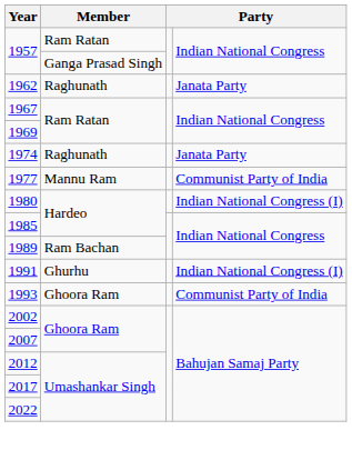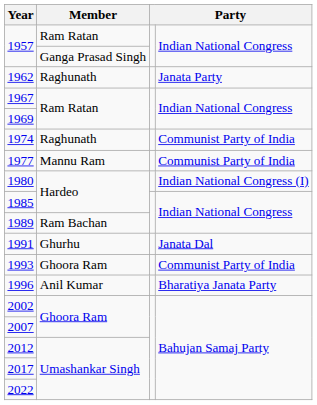 <table class="wikitable">
 <tr>
 <th>Year</th>
 <th>Member</th>
 <th colspan="2">Party</th>
 </tr>
 <tr>
 <td rowspan="2"><a href='#'>1957</a></td>
 <td>Ram Ratan</td>
 <td rowspan="2" style="background-color: "></td>
 <td rowspan="2"><a href='#'>Indian National Congress</a></td>
 </tr>
 <tr>
 <td>Ganga Prasad Singh</td>
 </tr>
 <tr>
 <td><a href='#'>1962</a></td>
 <td>Raghunath</td>
 <td style="background-color: "></td>
 <td><a href='#'>Janata Party</a></td>
 </tr>
 <tr>
 <td><a href='#'>1967</a></td>
 <td rowspan="2">Ram Ratan</td>
 <td rowspan="2" style="background-color: "></td>
 <td rowspan="2"><a href='#'>Indian National Congress</a></td>
 </tr>
 <tr>
 <td><a href='#'>1969</a></td>
 </tr>
 <tr>
 <td><a href='#'>1974</a></td>
 <td>Raghunath</td>
 <td style="background-color: "></td>
-<td><a href='#'>Janata Party</a></td>
+<td><a href='#'>Communist Party of India</a></td>
 </tr>
 <tr>
 <td><a href='#'>1977</a></td>
 <td>Mannu Ram</td>
 <td style="background-color: "></td>
 <td><a href='#'>Communist Party of India</a></td>
 </tr>
 <tr>
 <td><a href='#'>1980</a></td>
 <td rowspan="2">Hardeo</td>
 <td style="background-color: "></td>
 <td><a href='#'>Indian National Congress (I)</a></td>
 </tr>
 <tr>
 <td><a href='#'>1985</a></td>
 <td rowspan="2" style="background-color: "></td>
 <td rowspan="2"><a href='#'>Indian National Congress</a></td>
 </tr>
 <tr>
 <td><a href='#'>1989</a></td>
 <td>Ram Bachan</td>
 </tr>
 <tr>
 <td><a href='#'>1991</a></td>
 <td>Ghurhu</td>
 <td style="background-color: "></td>
-<td><a href='#'>Indian National Congress (I)</a></td>
+<td><a href='#'>Janata Dal</a></td>
 </tr>
 <tr>
 <td><a href='#'>1993</a></td>
 <td>Ghoora Ram</td>
 <td style="background-color: "></td>
 <td><a href='#'>Communist Party of India</a></td>
+</tr>
+<tr>
+<td><a href='#'>1996</a></td>
+<td>Anil Kumar</td>
+<td style="background-color: "></td>
+<td><a href='#'>Bharatiya Janata Party</a></td>
 </tr>
 <tr>
 <td><a href='#'>2002</a></td>
 <td rowspan="2"><a href='#'>Ghoora Ram</a></td>
 <td rowspan="5" style="background-color: "></td>
 <td rowspan="5"><a href='#'>Bahujan Samaj Party</a></td>
 </tr>
 <tr>
 <td><a href='#'>2007</a></td>
 </tr>
 <tr>
 <td><a href='#'>2012</a></td>
 <td rowspan="3"><a href='#'>Umashankar Singh</a></td>
 </tr>
 <tr>
 <td><a href='#'>2017</a></td>
 </tr>
 <tr>
 <td><a href='#'>2022</a></td>
 </tr>
 </table>
